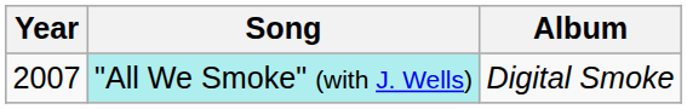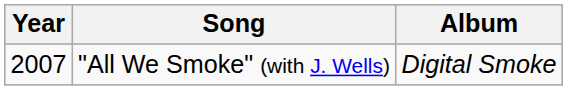 <table class="wikitable">
 <tr>
 <th>Year</th>
 <th>Song</th>
 <th>Album</th>
 </tr>
 <tr>
 <td style="text-align:center;">2007</td>
-<td style="background: paleturquoise;">"All We Smoke" <small>(with <a href='#'>J. Wells</a>)</small></td>
+<td>"All We Smoke" <small>(with <a href='#'>J. Wells</a>)</small></td>
 <td><em>Digital Smoke</em></td>
 </tr>
 </table>
